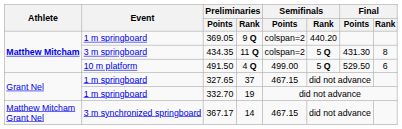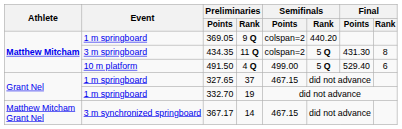 <table class=wikitable style="font-size:90%;">
 <tr>
 <th rowspan="2">Athlete</th>
 <th rowspan="2">Event</th>
 <th colspan="2">Preliminaries</th>
 <th colspan="2">Semifinals</th>
 <th colspan="2">Final</th>
 </tr>
 <tr style="font-size:95%">
 <th>Points</th>
 <th>Rank</th>
 <th>Points</th>
 <th>Rank</th>
 <th>Points</th>
 <th>Rank</th>
 </tr>
 <tr align=center>
 <td align=left rowspan=3><strong><a href='#'>Matthew Mitcham</a></strong></td>
 <td align=left><a href='#'>1 m springboard</a></td>
 <td>369.05</td>
 <td>9 <strong>Q</strong></td>
 <td>colspan=2 </td>
 <td>440.20</td>
 <td></td>
 </tr>
 <tr align=center>
 <td align=left><a href='#'>3 m springboard</a></td>
 <td>434.35</td>
 <td>11 <strong>Q</strong></td>
 <td>colspan=2 </td>
 <td>5 <strong>Q</strong></td>
 <td>431.30</td>
 <td>8</td>
 </tr>
 <tr align=center>
 <td align=left><a href='#'>10 m platform</a></td>
 <td>491.50</td>
 <td>4 <strong>Q</strong></td>
 <td>499.00</td>
 <td>5 <strong>Q</strong></td>
-<td>529.50</td>
+<td>529.40</td>
 <td>6</td>
 </tr>
 <tr align=center>
 <td align=left rowspan=2><a href='#'>Grant Nel</a></td>
 <td align=left><a href='#'>1 m springboard</a></td>
 <td>327.65</td>
 <td>37</td>
 <td>467.15</td>
 <td colspan=2>did not advance</td>
 </tr>
 <tr align=center>
 <td align=left><a href='#'>1 m springboard</a></td>
 <td>332.70</td>
 <td>19</td>
 <td colspan=4>did not advance</td>
 </tr>
 <tr align=center>
 <td align=left><a href='#'>Matthew Mitcham</a><br><a href='#'>Grant Nel</a></td>
 <td align=left><a href='#'>3 m synchronized springboard</a></td>
 <td>367.17</td>
 <td>14</td>
 <td>467.15</td>
 <td colspan=2>did not advance</td>
 </tr>
 </table>
